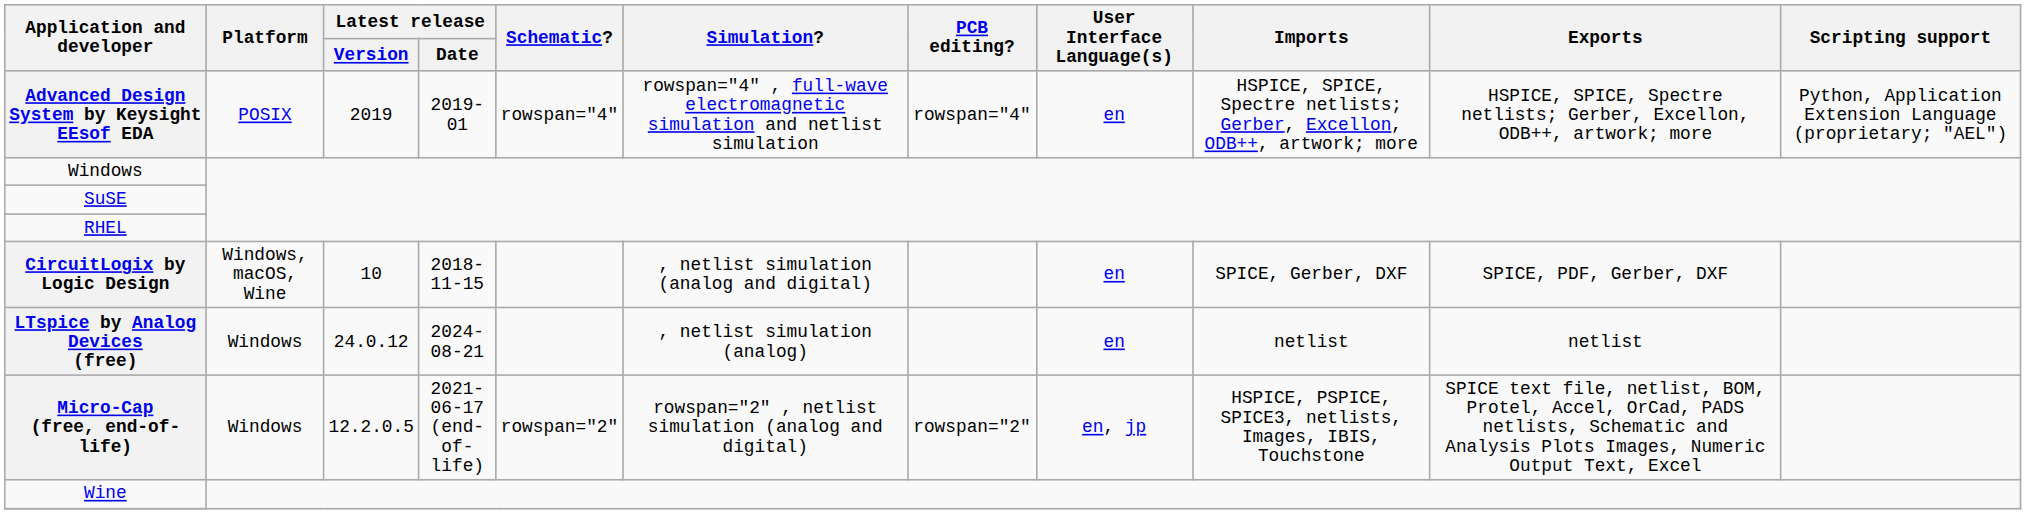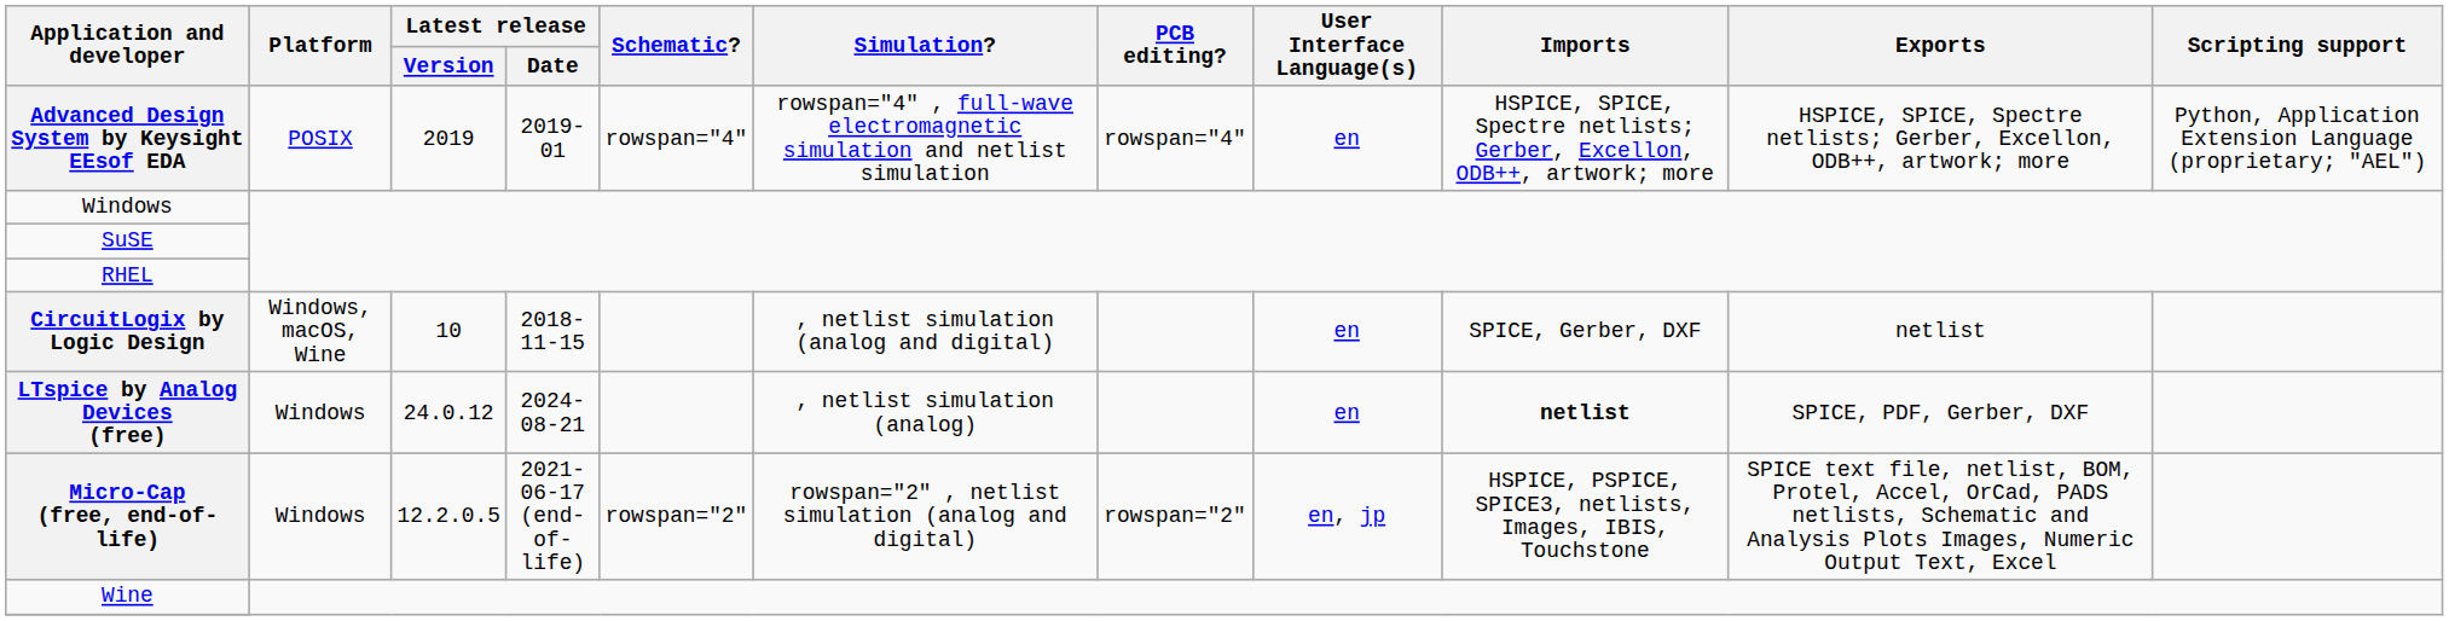 <table class="wikitable sortable" style="text-align: center; font-size: 85%; width: auto; table-layout: fixed;">
 <tr>
 <th rowspan="2">Application and developer</th>
 <th rowspan="2">Platform</th>
 <th colspan="2">Latest release</th>
 <th rowspan="2"><a href='#'>Schematic</a>?</th>
 <th rowspan="2"><a href='#'>Simulation</a>?</th>
 <th rowspan="2"><a href='#'>PCB</a> editing?</th>
 <th rowspan="2">User Interface Language(s)</th>
 <th rowspan="2">Imports</th>
 <th rowspan="2">Exports</th>
 <th rowspan="2">Scripting support</th>
 </tr>
 <tr>
 <th><a href='#'>Version</a></th>
 <th>Date</th>
 </tr>
 <tr>
 <th><a href='#'>Advanced Design System</a> by Keysight <a href='#'>EEsof</a> EDA</th>
 <td> <a href='#'>POSIX</a></td>
 <td>2019</td>
 <td> 2019-01</td>
 <td> rowspan="4" </td>
 <td> rowspan="4" , <a href='#'>full-wave electromagnetic simulation</a> and netlist simulation</td>
 <td> rowspan="4" </td>
 <td><a href='#'>en</a></td>
 <td>HSPICE, SPICE, Spectre netlists; <a href='#'>Gerber</a>, <a href='#'>Excellon</a>, <a href='#'>ODB++</a>, artwork; more</td>
 <td>HSPICE, SPICE, Spectre netlists; Gerber, Excellon, ODB++, artwork; more</td>
 <td>Python, Application Extension Language (proprietary; "AEL")</td>
 </tr>
 <tr>
 <td> Windows</td>
 </tr>
 <tr>
 <td> <a href='#'>SuSE</a></td>
 </tr>
 <tr>
 <td> <a href='#'>RHEL</a></td>
 </tr>
 <tr>
 <th> <a href='#'>CircuitLogix</a> by Logic Design</th>
 <td> Windows, macOS, Wine</td>
 <td> 10</td>
 <td>2018-11-15</td>
 <td> </td>
 <td> , netlist simulation (analog and digital)</td>
 <td> </td>
 <td> <a href='#'>en</a></td>
 <td> SPICE, Gerber, DXF</td>
-<td> SPICE, PDF, Gerber, DXF</td>
+<td> netlist</td>
 <td></td>
 </tr>
 <tr>
 <th> <a href='#'>LTspice</a> by <a href='#'>Analog Devices</a><br>(free)</th>
 <td> Windows</td>
 <td> 24.0.12</td>
 <td> 2024-08-21</td>
 <td> </td>
 <td> , netlist simulation (analog)</td>
 <td> </td>
 <td> <a href='#'>en</a></td>
-<td> netlist</td>
-<td> netlist</td>
+<td><strong> netlist</strong></td>
+<td> SPICE, PDF, Gerber, DXF</td>
 <td></td>
 </tr>
 <tr>
 <th><a href='#'>Micro-Cap</a><br>(free, end-of-life)</th>
 <td> Windows</td>
 <td>12.2.0.5</td>
 <td>2021-06-17<br>(end-of-life)</td>
 <td> rowspan="2" </td>
 <td> rowspan="2" , netlist simulation (analog and digital)</td>
 <td> rowspan="2" </td>
 <td><a href='#'>en</a>, <a href='#'>jp</a></td>
 <td>HSPICE, PSPICE, SPICE3, netlists, Images, IBIS, Touchstone</td>
 <td>SPICE text file, netlist, BOM, Protel, Accel, OrCad, PADS netlists, Schematic and Analysis Plots Images, Numeric Output Text, Excel</td>
 <td></td>
 </tr>
 <tr>
 <td> <a href='#'>Wine</a></td>
 </tr>
 <tr>
 </tr>
 </table>
